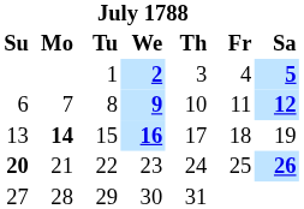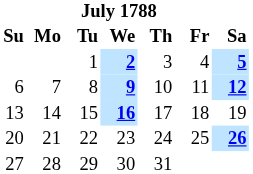 <table class="toccolours" style="text-align:right;float:left;width:14em;margin-right:1em;" cellpadding=2 cellspacing=0>
 <tr class="calendar-purple">
 <td></td>
 <th colspan="5" style="text-align: center;">July 1788</th>
 <td></td>
 </tr>
 <tr class="calendar-purple" style="border: none;">
 <th scope="col" width="14.2857%" title="Sunday">Su</th>
 <th scope="col" width="14.2857%" title="Monday">Mo</th>
 <th scope="col" width="14.2857%" title="Tuesday">Tu</th>
 <th scope="col" width="14.2857%" title="Wednesday">We</th>
 <th scope="col" width="14.2857%" title="Thursday">Th</th>
 <th scope="col" width="14.2857%" title="Friday">Fr</th>
 <th scope="col" width="14.2857%" title="Saturday">Sa</th>
 </tr>
 <tr>
 </tr>
 <tr>
 <td></td>
 <td></td>
 <td>1</td>
 <td style="background-color:#BFE4FF"><strong><a href='#'>2</a></strong></td>
 <td>3</td>
 <td>4</td>
 <td style="background-color:#BFE4FF"><strong><a href='#'>5</a></strong></td>
 </tr>
 <tr>
 <td>6</td>
 <td>7</td>
 <td>8</td>
 <td style="background-color:#BFE4FF"><strong><a href='#'>9</a></strong></td>
 <td>10</td>
 <td>11</td>
 <td style="background-color:#BFE4FF"><strong><a href='#'>12</a></strong></td>
 </tr>
 <tr>
 <td>13</td>
-<td><strong>14</strong></td>
+<td>14</td>
 <td>15</td>
 <td style="background-color:#BFE4FF"><strong><a href='#'>16</a></strong></td>
 <td>17</td>
 <td>18</td>
 <td>19</td>
 </tr>
 <tr>
-<td><strong>20</strong></td>
+<td>20</td>
 <td>21</td>
 <td>22</td>
 <td>23</td>
 <td>24</td>
 <td>25</td>
 <td style="background-color:#BFE4FF"><strong><a href='#'>26</a></strong></td>
 </tr>
 <tr>
 <td>27</td>
 <td>28</td>
 <td>29</td>
 <td>30</td>
 <td>31</td>
 <td colspan=2> </td>
 </tr>
 <tr>
 <td colspan=7> </td>
 </tr>
 <tr class="calendar-purple">
 </tr>
 <tr class="calendar-purple">
 </tr>
 </table>
